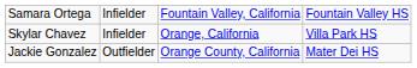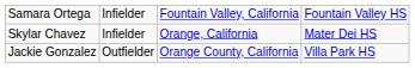 <table class="wikitable">
 <tr>
 <td>Samara Ortega</td>
 <td>Infielder</td>
 <td><a href='#'>Fountain Valley, California</a></td>
 <td><a href='#'>Fountain Valley HS</a></td>
 </tr>
 <tr>
 <td>Skylar Chavez</td>
 <td>Infielder</td>
 <td><a href='#'>Orange, California</a></td>
-<td><a href='#'>Villa Park HS</a></td>
+<td><a href='#'>Mater Dei HS</a></td>
 </tr>
 <tr>
 <td>Jackie Gonzalez</td>
 <td>Outfielder</td>
 <td><a href='#'>Orange County, California</a></td>
-<td><a href='#'>Mater Dei HS</a></td>
+<td><a href='#'>Villa Park HS</a></td>
 </tr>
 </table>
